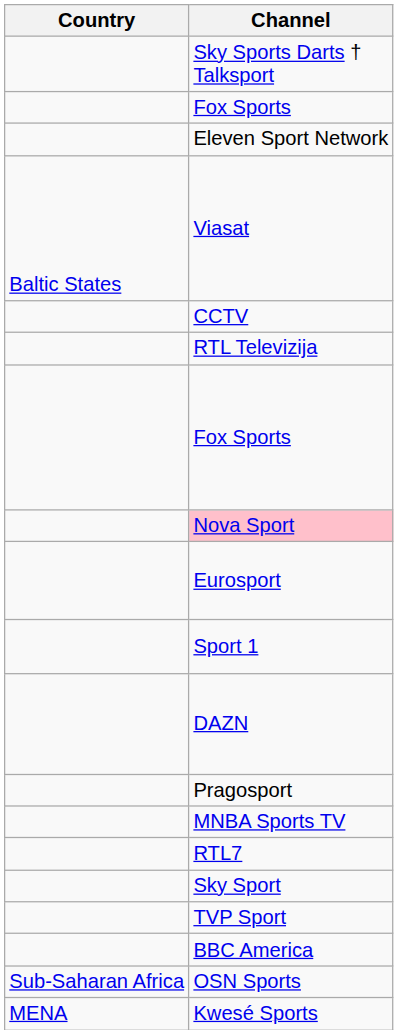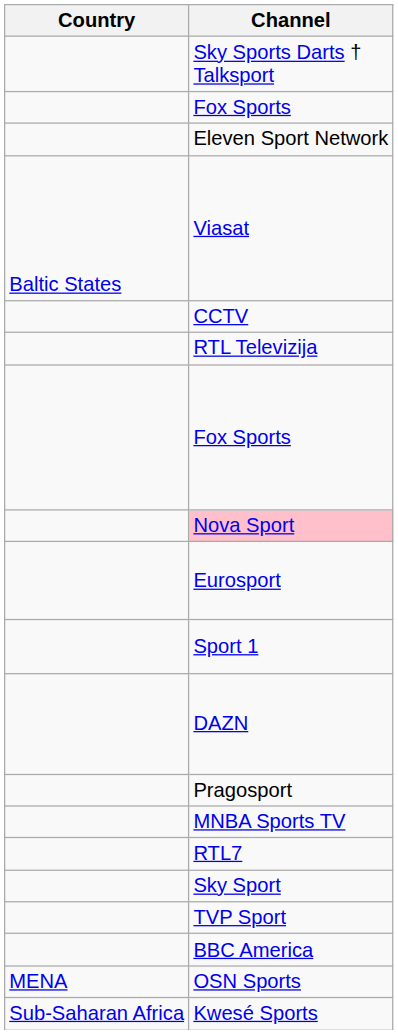 <table class="wikitable" style="font-size:100%; text-align:left">
 <tr>
 <th>Country</th>
 <th>Channel</th>
 </tr>
 <tr>
 <td><br></td>
 <td><a href='#'>Sky Sports Darts</a> †<br><a href='#'>Talksport</a></td>
 </tr>
 <tr>
 <td> <br></td>
 <td><a href='#'>Fox Sports</a></td>
 </tr>
 <tr>
 <td></td>
 <td>Eleven Sport Network</td>
 </tr>
 <tr>
 <td><br><br><br><br><br><a href='#'>Baltic States</a></td>
 <td><a href='#'>Viasat</a></td>
 </tr>
 <tr>
 <td></td>
 <td><a href='#'>CCTV</a></td>
 </tr>
 <tr>
 <td></td>
 <td><a href='#'>RTL Televizija</a></td>
 </tr>
 <tr>
 <td><br><br><br><br><br><br></td>
 <td><a href='#'>Fox Sports</a></td>
 </tr>
 <tr>
 <td> <br></td>
 <td style="background: pink;"><a href='#'>Nova Sport</a></td>
 </tr>
 <tr>
 <td> <br><br><br></td>
 <td><a href='#'>Eurosport</a></td>
 </tr>
 <tr>
 <td><br> <br></td>
 <td><a href='#'>Sport 1</a></td>
 </tr>
 <tr>
 <td><br><br><br><br></td>
 <td><a href='#'>DAZN</a></td>
 </tr>
 <tr>
 <td></td>
 <td>Pragosport</td>
 </tr>
 <tr>
 <td></td>
 <td><a href='#'>MNBA Sports TV</a></td>
 </tr>
 <tr>
 <td></td>
 <td><a href='#'>RTL7</a></td>
 </tr>
 <tr>
 <td></td>
 <td><a href='#'>Sky Sport</a></td>
 </tr>
 <tr>
 <td></td>
 <td><a href='#'>TVP Sport</a></td>
 </tr>
 <tr>
 <td></td>
 <td><a href='#'>BBC America</a></td>
 </tr>
 <tr>
-<td><a href='#'>Sub-Saharan Africa</a></td>
+<td><a href='#'>MENA</a></td>
 <td><a href='#'>OSN Sports</a></td>
 </tr>
 <tr>
-<td><a href='#'>MENA</a></td>
+<td><a href='#'>Sub-Saharan Africa</a></td>
 <td><a href='#'>Kwesé Sports</a></td>
 </tr>
 </table>
